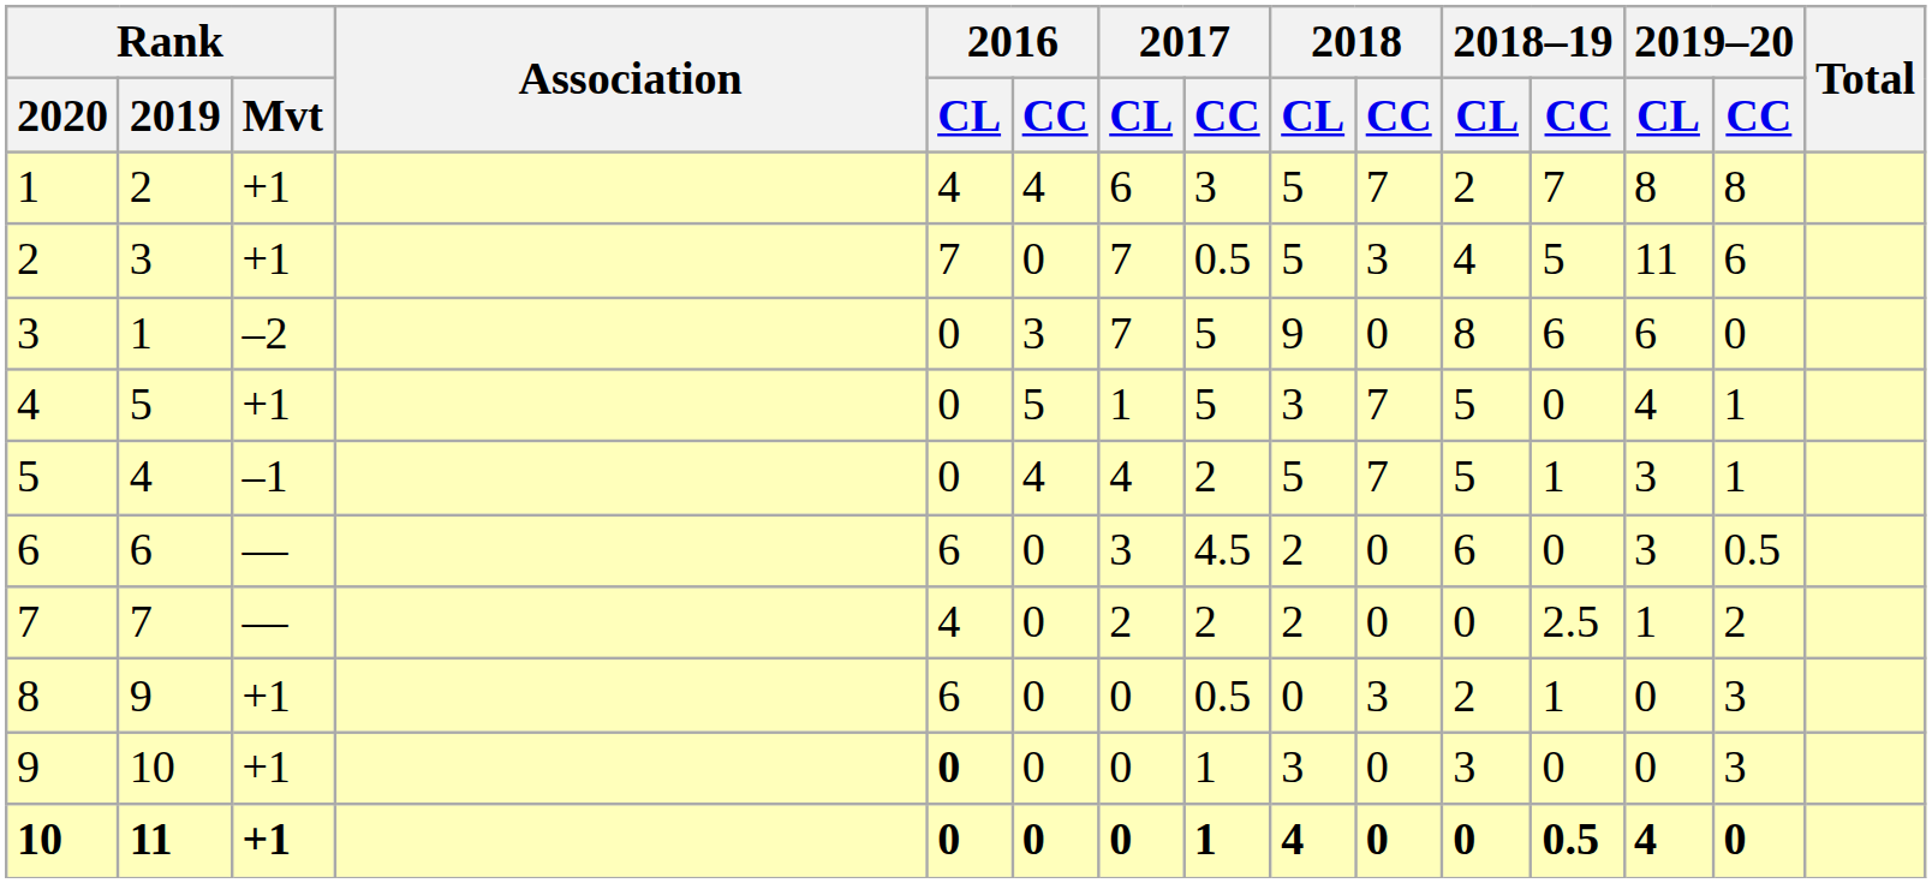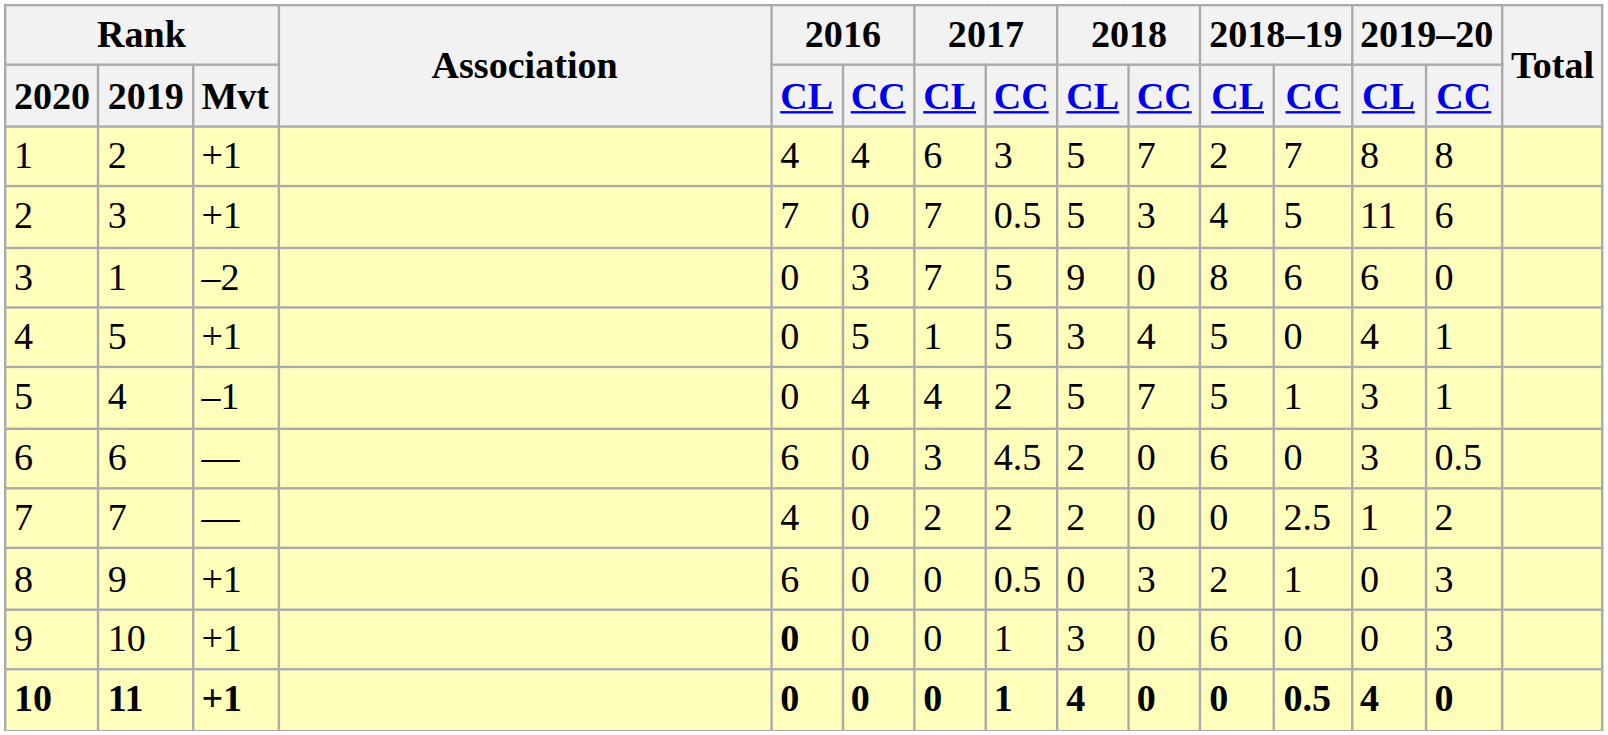 <table class="wikitable">
 <tr>
 <th colspan=3>Rank</th>
 <th rowspan=2 width=200>Association</th>
 <th colspan=2>2016<br></th>
 <th colspan=2>2017<br></th>
 <th colspan=2>2018<br></th>
 <th colspan=2>2018–19<br></th>
 <th colspan=2>2019–20<br></th>
 <th rowspan=2>Total</th>
 </tr>
 <tr>
 <th>2020</th>
 <th>2019</th>
 <th>Mvt</th>
 <th><a href='#'>CL</a></th>
 <th><a href='#'>CC</a></th>
 <th><a href='#'>CL</a></th>
 <th><a href='#'>CC</a></th>
 <th><a href='#'>CL</a></th>
 <th><a href='#'>CC</a></th>
 <th><a href='#'>CL</a></th>
 <th><a href='#'>CC</a></th>
 <th><a href='#'>CL</a></th>
 <th><a href='#'>CC</a></th>
 </tr>
 <tr bgcolor=#FFFFBB>
 <td>1</td>
 <td>2</td>
 <td> +1</td>
 <td align="left"></td>
 <td>4</td>
 <td>4</td>
 <td>6</td>
 <td>3</td>
 <td>5</td>
 <td>7</td>
 <td>2</td>
 <td>7</td>
 <td>8</td>
 <td>8</td>
 <td><strong></strong></td>
 </tr>
 <tr bgcolor=#FFFFBB>
 <td>2</td>
 <td>3</td>
 <td> +1</td>
 <td align=left></td>
 <td>7</td>
 <td>0</td>
 <td>7</td>
 <td>0.5</td>
 <td>5</td>
 <td>3</td>
 <td>4</td>
 <td>5</td>
 <td>11</td>
 <td>6</td>
 <td><strong></strong></td>
 </tr>
 <tr bgcolor=#FFFFBB>
 <td>3</td>
 <td>1</td>
 <td> –2</td>
 <td align="left"></td>
 <td>0</td>
 <td>3</td>
 <td>7</td>
 <td>5</td>
 <td>9</td>
 <td>0</td>
 <td>8</td>
 <td>6</td>
 <td>6</td>
 <td>0</td>
 <td><strong></strong></td>
 </tr>
 <tr bgcolor=#FFFFBB>
 <td>4</td>
 <td>5</td>
 <td> +1</td>
 <td align=left></td>
 <td>0</td>
 <td>5</td>
 <td>1</td>
 <td>5</td>
 <td>3</td>
-<td>7</td>
+<td>4</td>
 <td>5</td>
 <td>0</td>
 <td>4</td>
 <td>1</td>
 <td><strong></strong></td>
 </tr>
 <tr bgcolor=#FFFFBB>
 <td>5</td>
 <td>4</td>
 <td> –1</td>
 <td align=left></td>
 <td>0</td>
 <td>4</td>
 <td>4</td>
 <td>2</td>
 <td>5</td>
 <td>7</td>
 <td>5</td>
 <td>1</td>
 <td>3</td>
 <td>1</td>
 <td><strong></strong></td>
 </tr>
 <tr bgcolor=#FFFFBB>
 <td>6</td>
 <td>6</td>
 <td> —</td>
 <td align=left></td>
 <td>6</td>
 <td>0</td>
 <td>3</td>
 <td>4.5</td>
 <td>2</td>
 <td>0</td>
 <td>6</td>
 <td>0</td>
 <td>3</td>
 <td>0.5</td>
 <td><strong></strong></td>
 </tr>
 <tr bgcolor=#FFFFBB>
 <td>7</td>
 <td>7</td>
 <td> —</td>
 <td align=left></td>
 <td>4</td>
 <td>0</td>
 <td>2</td>
 <td>2</td>
 <td>2</td>
 <td>0</td>
 <td>0</td>
 <td>2.5</td>
 <td>1</td>
 <td>2</td>
 <td><strong></strong></td>
 </tr>
 <tr bgcolor=#FFFFBB>
 <td>8</td>
 <td>9</td>
 <td> +1</td>
 <td align=left></td>
 <td>6</td>
 <td>0</td>
 <td>0</td>
 <td>0.5</td>
 <td>0</td>
 <td>3</td>
 <td>2</td>
 <td>1</td>
 <td>0</td>
 <td>3</td>
 <td><strong></strong></td>
 </tr>
 <tr bgcolor=#FFFFBB>
 <td>9</td>
 <td>10</td>
 <td> +1</td>
 <td align=left></td>
 <td><strong>0</strong></td>
 <td>0</td>
 <td>0</td>
 <td>1</td>
 <td>3</td>
 <td>0</td>
-<td>3</td>
+<td>6</td>
 <td>0</td>
 <td>0</td>
 <td>3</td>
 <td><strong></strong></td>
 </tr>
 <tr bgcolor=#FFFFBB>
 <td><strong>10</strong></td>
 <td><strong>11</strong></td>
 <td><strong> +1</strong></td>
 <td align="left"><strong></strong></td>
 <td><strong>0</strong></td>
 <td><strong>0</strong></td>
 <td><strong>0</strong></td>
 <td><strong>1</strong></td>
 <td><strong>4</strong></td>
 <td><strong>0</strong></td>
 <td><strong>0</strong></td>
 <td><strong>0.5</strong></td>
 <td><strong>4</strong></td>
 <td><strong>0</strong></td>
 <td><strong></strong></td>
 </tr>
 </table>
